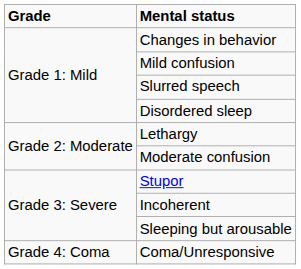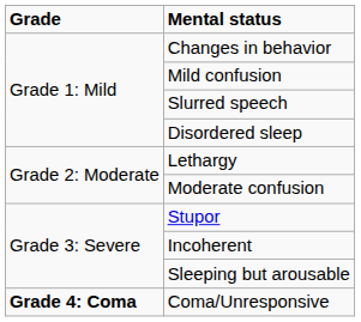 <table class="wikitable">
 <tr>
 <td><strong>Grade</strong></td>
 <td><strong>Mental status</strong></td>
 </tr>
 <tr>
 <td colspan="1" rowspan="4">Grade 1: Mild</td>
 <td>Changes in behavior</td>
 </tr>
 <tr>
 <td>Mild confusion</td>
 </tr>
 <tr>
 <td>Slurred speech</td>
 </tr>
 <tr>
 <td>Disordered sleep</td>
 </tr>
 <tr>
 <td colspan="1" rowspan="2">Grade 2: Moderate</td>
 <td>Lethargy</td>
 </tr>
 <tr>
 <td>Moderate confusion</td>
 </tr>
 <tr>
 <td colspan="1" rowspan="3">Grade 3: Severe</td>
 <td><a href='#'>Stupor</a></td>
 </tr>
 <tr>
 <td>Incoherent</td>
 </tr>
 <tr>
 <td>Sleeping but arousable</td>
 </tr>
 <tr>
-<td>Grade 4: Coma</td>
+<td><strong>Grade 4: Coma</strong></td>
 <td>Coma/Unresponsive</td>
 </tr>
 </table>
